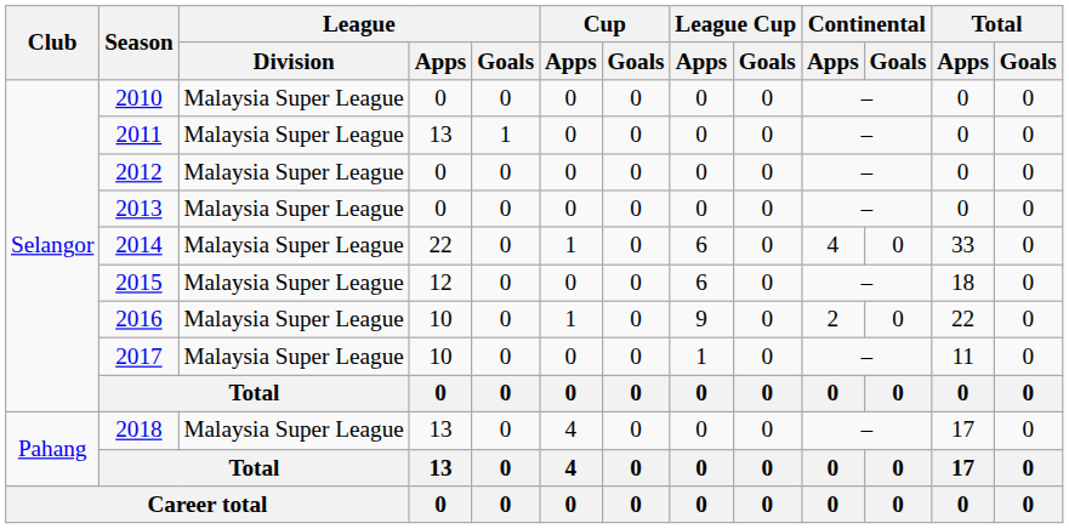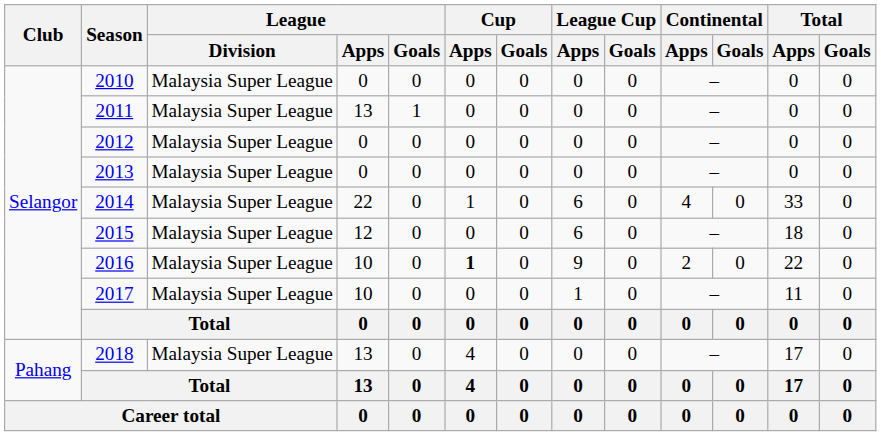 <table class=wikitable style="text-align: center">
 <tr>
 <th rowspan=2>Club</th>
 <th rowspan=2>Season</th>
 <th colspan=3>League</th>
 <th colspan=2>Cup</th>
 <th colspan=2>League Cup</th>
 <th colspan=2>Continental</th>
 <th colspan=2>Total</th>
 </tr>
 <tr>
 <th>Division</th>
 <th>Apps</th>
 <th>Goals</th>
 <th>Apps</th>
 <th>Goals</th>
 <th>Apps</th>
 <th>Goals</th>
 <th>Apps</th>
 <th>Goals</th>
 <th>Apps</th>
 <th>Goals</th>
 </tr>
 <tr>
 <td rowspan="9"><a href='#'>Selangor</a></td>
 <td><a href='#'>2010</a></td>
 <td>Malaysia Super League</td>
 <td>0</td>
 <td>0</td>
 <td>0</td>
 <td>0</td>
 <td>0</td>
 <td>0</td>
 <td colspan=2>–</td>
 <td>0</td>
 <td>0</td>
 </tr>
 <tr>
 <td><a href='#'>2011</a></td>
 <td>Malaysia Super League</td>
 <td>13</td>
 <td>1</td>
 <td>0</td>
 <td>0</td>
 <td>0</td>
 <td>0</td>
 <td colspan=2>–</td>
 <td>0</td>
 <td>0</td>
 </tr>
 <tr>
 <td><a href='#'>2012</a></td>
 <td>Malaysia Super League</td>
 <td>0</td>
 <td>0</td>
 <td>0</td>
 <td>0</td>
 <td>0</td>
 <td>0</td>
 <td colspan=2>–</td>
 <td>0</td>
 <td>0</td>
 </tr>
 <tr>
 <td><a href='#'>2013</a></td>
 <td>Malaysia Super League</td>
 <td>0</td>
 <td>0</td>
 <td>0</td>
 <td>0</td>
 <td>0</td>
 <td>0</td>
 <td colspan=2>–</td>
 <td>0</td>
 <td>0</td>
 </tr>
 <tr>
 <td><a href='#'>2014</a></td>
 <td>Malaysia Super League</td>
 <td>22</td>
 <td>0</td>
 <td>1</td>
 <td>0</td>
 <td>6</td>
 <td>0</td>
 <td>4</td>
 <td>0</td>
 <td>33</td>
 <td>0</td>
 </tr>
 <tr>
 <td><a href='#'>2015</a></td>
 <td>Malaysia Super League</td>
 <td>12</td>
 <td>0</td>
 <td>0</td>
 <td>0</td>
 <td>6</td>
 <td>0</td>
 <td colspan=2>–</td>
 <td>18</td>
 <td>0</td>
 </tr>
 <tr>
 <td><a href='#'>2016</a></td>
 <td>Malaysia Super League</td>
 <td>10</td>
 <td>0</td>
-<td>1</td>
+<td><strong>1</strong></td>
 <td>0</td>
 <td>9</td>
 <td>0</td>
 <td>2</td>
 <td>0</td>
 <td>22</td>
 <td>0</td>
 </tr>
 <tr>
 <td><a href='#'>2017</a></td>
 <td>Malaysia Super League</td>
 <td>10</td>
 <td>0</td>
 <td>0</td>
 <td>0</td>
 <td>1</td>
 <td>0</td>
 <td colspan=2>–</td>
 <td>11</td>
 <td>0</td>
 </tr>
 <tr>
 <th colspan=2>Total</th>
 <th>0</th>
 <th>0</th>
 <th>0</th>
 <th>0</th>
 <th>0</th>
 <th>0</th>
 <th>0</th>
 <th>0</th>
 <th>0</th>
 <th>0</th>
 </tr>
 <tr>
 <td rowspan="2"><a href='#'>Pahang</a></td>
 <td><a href='#'>2018</a></td>
 <td>Malaysia Super League</td>
 <td>13</td>
 <td>0</td>
 <td>4</td>
 <td>0</td>
 <td>0</td>
 <td>0</td>
 <td colspan=2>–</td>
 <td>17</td>
 <td>0</td>
 </tr>
 <tr>
 <th colspan=2>Total</th>
 <th>13</th>
 <th>0</th>
 <th>4</th>
 <th>0</th>
 <th>0</th>
 <th>0</th>
 <th>0</th>
 <th>0</th>
 <th>17</th>
 <th>0</th>
 </tr>
 <tr>
 <th colspan=3>Career total</th>
 <th>0</th>
 <th>0</th>
 <th>0</th>
 <th>0</th>
 <th>0</th>
 <th>0</th>
 <th>0</th>
 <th>0</th>
 <th>0</th>
 <th>0</th>
 </tr>
 </table>
